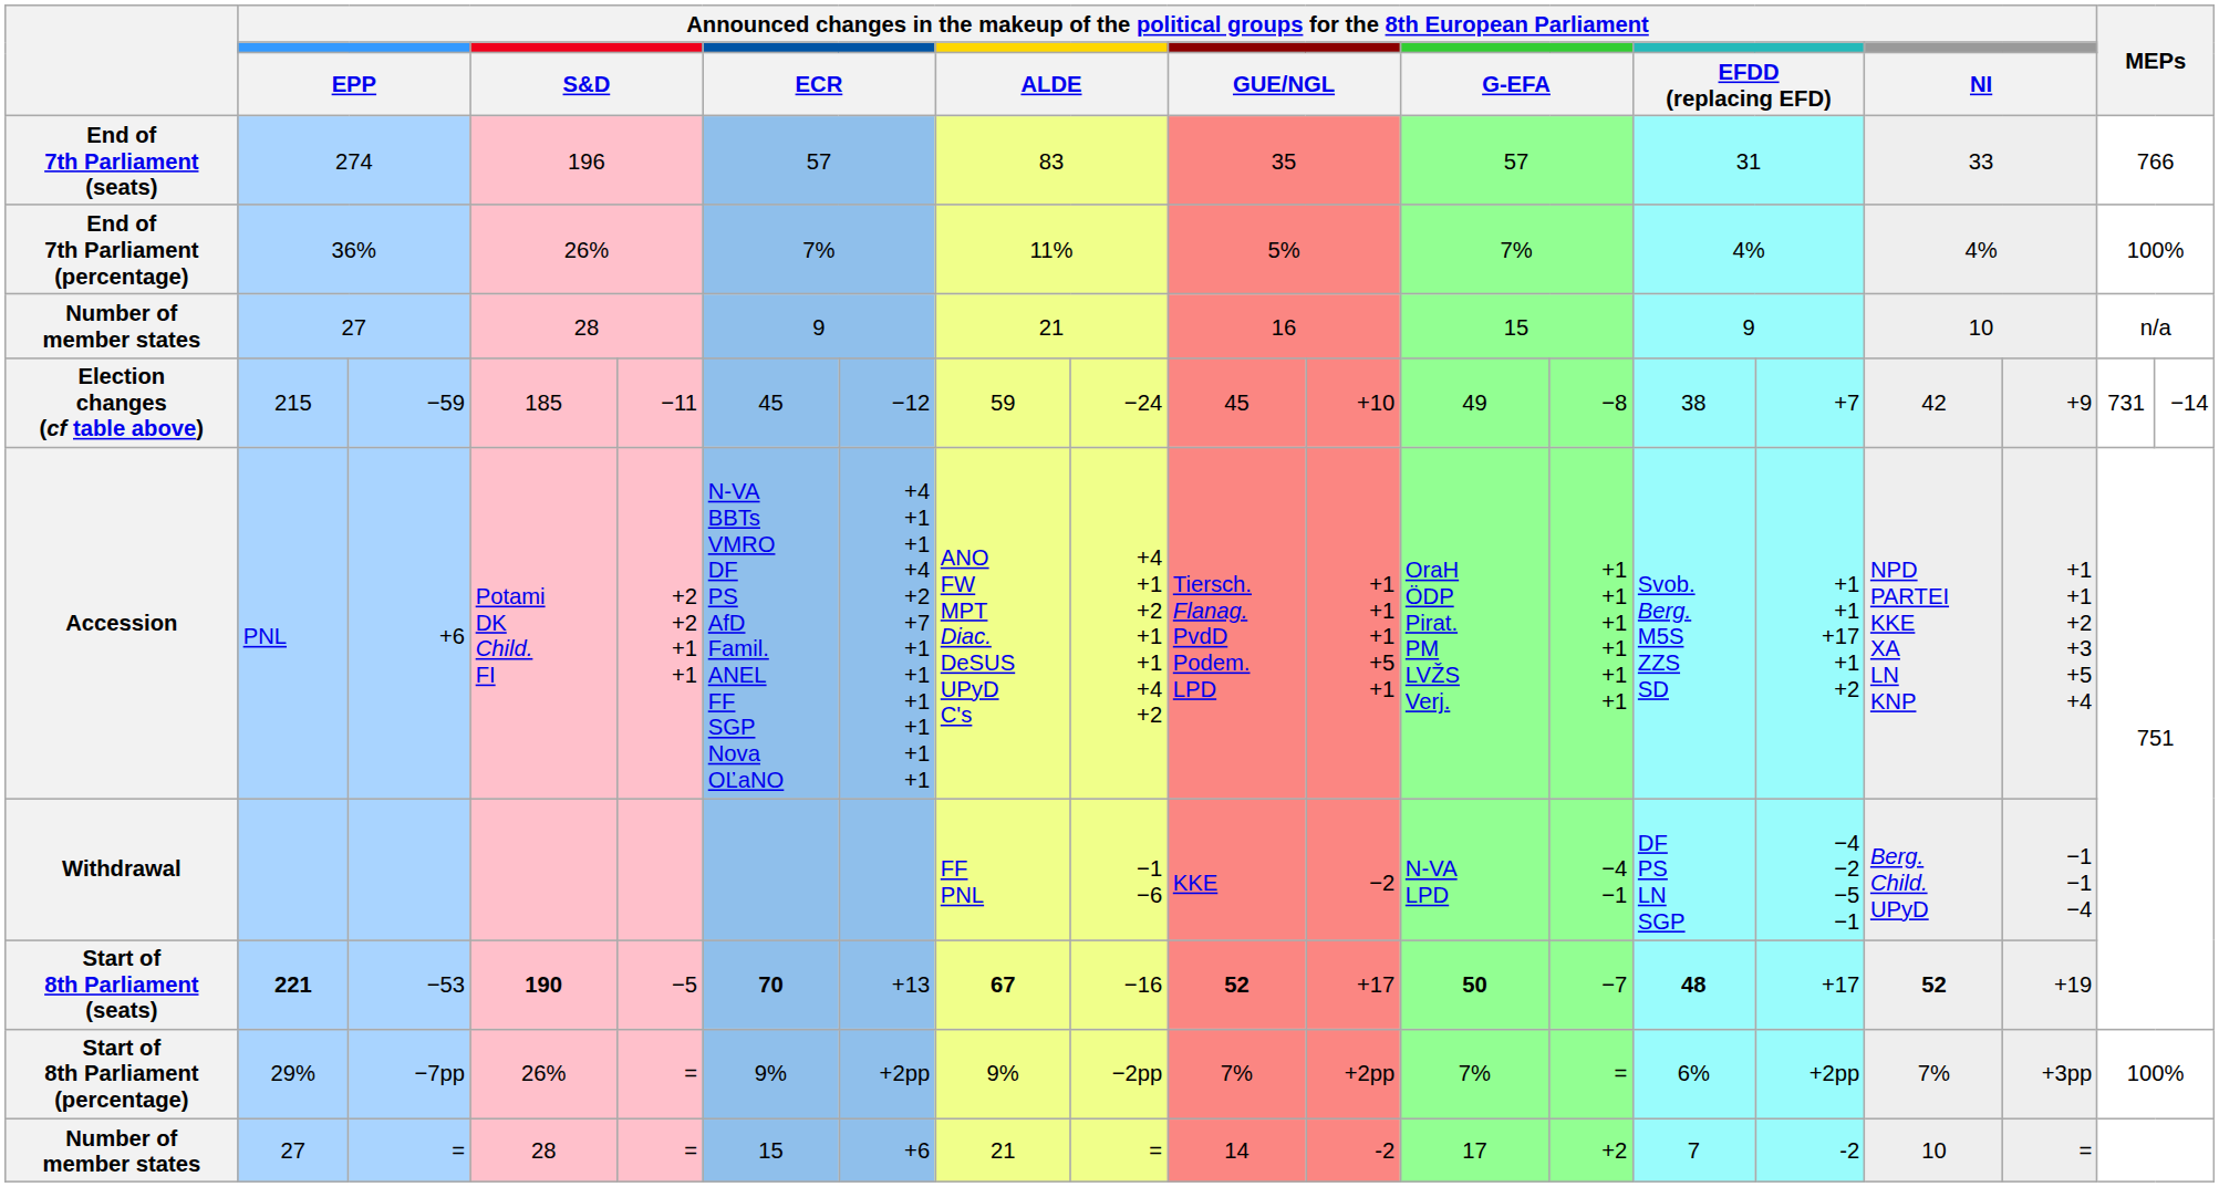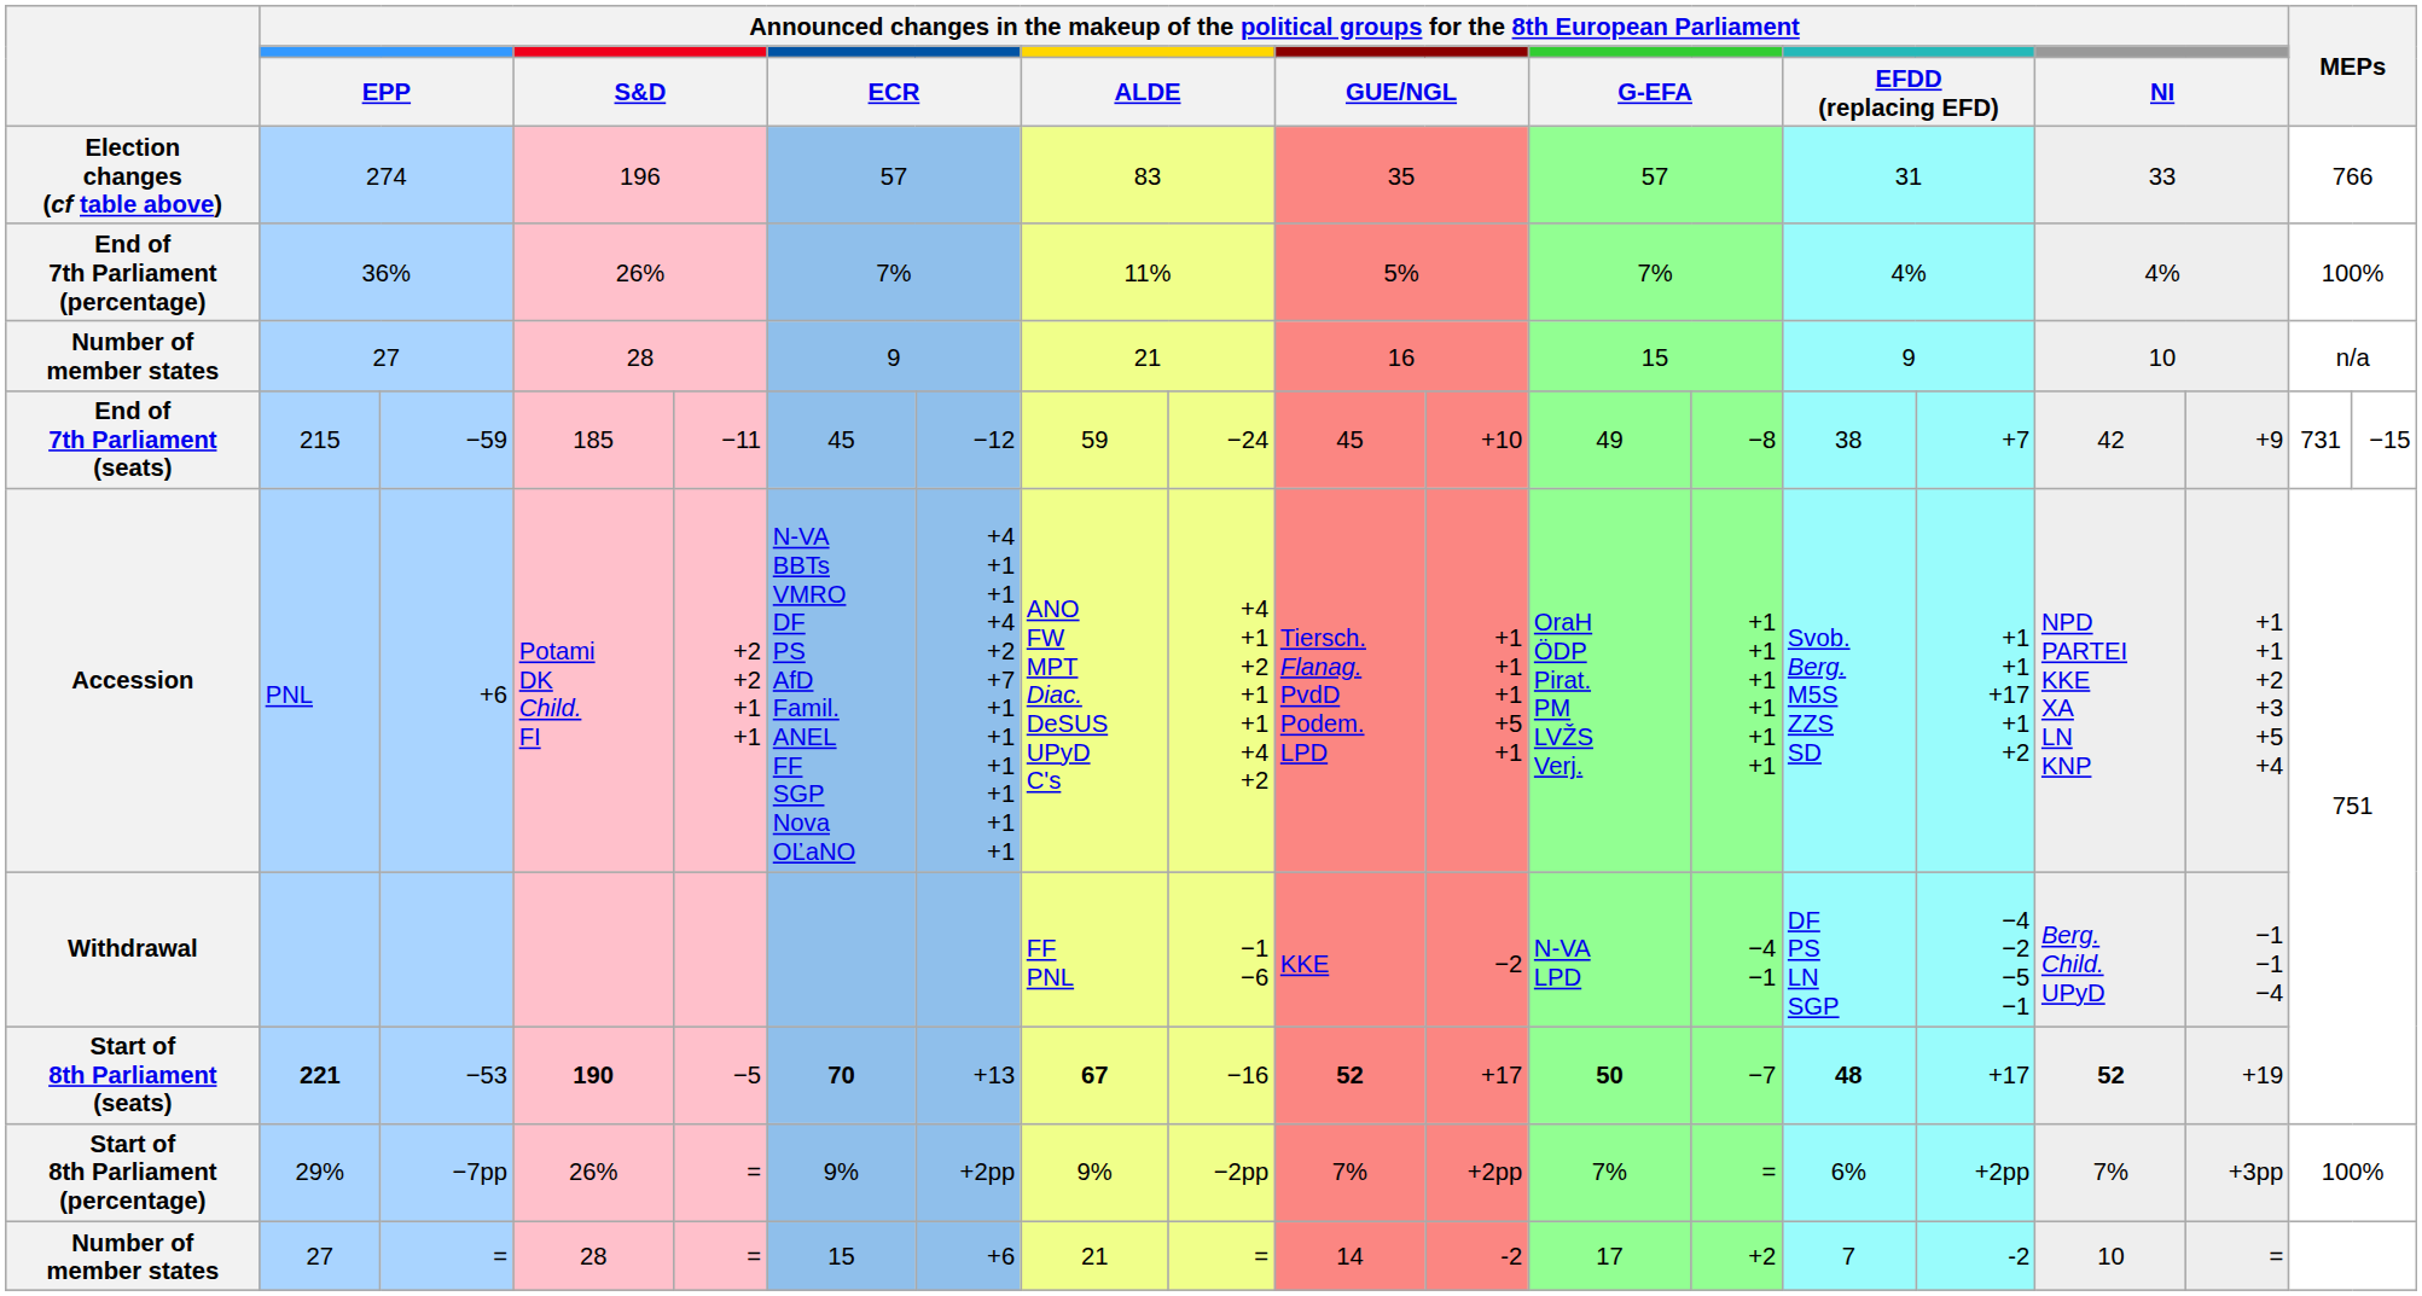 <table class="wikitable"  style="font-size:80%; text-align:left; width: 100%; margin-left: auto; margin-right: auto; white-space:nowrap">
 <tr>
 <th style="width: 10%" rowspan="3"></th>
 <th style="width: 85%" colspan=16>Announced changes in the makeup of the <a href='#'>political groups</a> for the <a href='#'>8th European Parliament</a></th>
 <th style="width: 5%" rowspan="3" colspan="2">MEPs</th>
 </tr>
 <tr>
 <th style="width:10%; background:#39f;" colspan="2"></th>
 <th style="width:10%; background:#F0001C;" colspan="2"></th>
 <th style="width:10%; background:#0054A5;" colspan="2"></th>
 <th style="width:10%; background:gold;" colspan="2"></th>
 <th style="width:10%; background:darkRed;" colspan="2"></th>
 <th style="width:10%; background:#32CD32;" colspan="2"></th>
 <th style="width:10%; background:#24B9B9;" colspan="2"></th>
 <th style="width:10%; background:#999;" colspan="2"></th>
 </tr>
 <tr>
 <th style="width: 10%" colspan=2><a href='#'>EPP</a></th>
 <th style="width: 10%" colspan=2><a href='#'>S&D</a></th>
 <th style="width: 10%" colspan=2><a href='#'>ECR</a></th>
 <th style="width: 10%" colspan=2><a href='#'>ALDE</a></th>
 <th style="width: 10%" colspan=2><a href='#'>GUE/NGL</a></th>
 <th style="width: 10%" colspan=2><a href='#'>G-EFA</a></th>
 <th style="width: 10%" colspan=2><a href='#'>EFDD</a><br>(replacing EFD)</th>
 <th style="width: 10%" colspan=2><a href='#'>NI</a></th>
 </tr>
 <tr>
-<th>End of <br><a href='#'>7th Parliament</a><br>(seats)</th>
+<th>Election<br>changes <br>(<em>cf</em> <a href='#'>table above</a>)</th>
 <td style="background:#a9d4ff; text-align:center;" colspan="2">274</td>
 <td style="background:pink; text-align:center;" colspan="2">196</td>
 <td style="background:#8FBFEB; text-align:center;" colspan="2">57</td>
 <td style="background:#f0ff8a; text-align:center;" colspan="2">83</td>
 <td style="background:#FB8682; text-align:center;" colspan="2">35</td>
 <td style="background:#92FF92; text-align:center;" colspan="2">57</td>
 <td style="background:#99FCFC; text-align:center;" colspan="2">31</td>
 <td style="background:#eee; text-align:center;" colspan="2">33</td>
 <td style="background:white; text-align:center;" colspan="2">766</td>
 </tr>
 <tr>
 <th>End of <br>7th Parliament<br>(percentage)</th>
 <td style="background:#a9d4ff; text-align:center;" colspan="2">36%</td>
 <td style="background:pink; text-align:center;" colspan="2">26%</td>
 <td style="background:#8FBFEB; text-align:center;" colspan="2">7%</td>
 <td style="background:#f0ff8a; text-align:center;" colspan="2">11%</td>
 <td style="background:#FB8682; text-align:center;" colspan="2">5%</td>
 <td style="background:#92FF92; text-align:center;" colspan="2">7%</td>
 <td style="background:#99FCFC; text-align:center;" colspan="2">4%</td>
 <td style="background:#eee; text-align:center;" colspan="2">4%</td>
 <td style="background:white; text-align:center;" colspan="2">100%</td>
 </tr>
 <tr>
 <th>Number of<br>member states</th>
 <td style="background:#a9d4ff; text-align:center;" colspan="2">27</td>
 <td style="background:pink; text-align:center;" colspan="2">28</td>
 <td style="background:#8FBFEB; text-align:center;" colspan="2">9</td>
 <td style="background:#f0ff8a; text-align:center;" colspan="2">21</td>
 <td style="background:#FB8682; text-align:center;" colspan="2">16</td>
 <td style="background:#92FF92; text-align:center;" colspan="2">15</td>
 <td style="background:#99FCFC; text-align:center;" colspan="2">9</td>
 <td style="background:#eee; text-align:center;" colspan="2">10</td>
 <td style="background:white; text-align:center;" colspan="2">n/a</td>
 </tr>
 <tr>
-<th>Election<br>changes <br>(<em>cf</em> <a href='#'>table above</a>)</th>
+<th>End of <br><a href='#'>7th Parliament</a><br>(seats)</th>
 <td style="background:#a9d4ff; text-align:center;">215</td>
 <td style="background:#a9d4ff; text-align:right;">−59</td>
 <td style="background:pink; text-align:center;">185</td>
 <td style="background:pink; text-align:right;">−11</td>
 <td style="background:#8FBFEB; text-align:center;">45</td>
 <td style="background:#8FBFEB; text-align:right;">−12</td>
 <td style="background:#f0ff8a; text-align:center;">59</td>
 <td style="background:#f0ff8a; text-align:right;">−24</td>
 <td style="background:#FB8682; text-align:center;">45</td>
 <td style="background:#FB8682; text-align:right;">+10</td>
 <td style="background:#92FF92; text-align:center;">49</td>
 <td style="background:#92FF92; text-align:right;">−8</td>
 <td style="background:#99FCFC; text-align:center;">38</td>
 <td style="background:#99FCFC; text-align:right;">+7</td>
 <td style="background:#eee; text-align:center;">42</td>
 <td style="background:#eee; text-align:right;">+9</td>
 <td style="background:white; text-align:center;">731</td>
-<td style="background:white; text-align:right;">−14</td>
+<td style="background:white; text-align:right;">−15</td>
 </tr>
 <tr>
 <th>Accession</th>
 <td style="background:#a9d4ff; text-align:left;"><br> <a href='#'>PNL</a></td>
 <td style="background:#a9d4ff; text-align:right;"><br>+6 </td>
 <td style="background:pink; text-align:left;"><br> <a href='#'>Potami</a><br>  <a href='#'>DK</a><br>  <a href='#'><em>Child.</em></a><br>  <a href='#'>FI</a></td>
 <td style="background:pink; text-align:right;"><br>+2 <br> +2 <br> +1 <br> +1 </td>
 <td style="background:#8FBFEB; text-align:left;"><br> <a href='#'>N-VA</a><br>  <a href='#'>BBTs</a><br>  <a href='#'>VMRO</a><br>  <a href='#'>DF</a><br>  <a href='#'>PS</a><br>  <a href='#'>AfD</a><br>  <a href='#'>Famil.</a><br>  <a href='#'>ANEL</a><br>  <a href='#'>FF</a><br>  <a href='#'>SGP</a><br>  <a href='#'>Nova</a><br>  <a href='#'>OĽaNO</a></td>
 <td style="background:#8FBFEB; text-align:right;"><br>+4 <br> +1 <br> +1 <br> +4 <br> +2 <br> +7 <br> +1 <br> +1 <br> +1 <br> +1 <br> +1 <br> +1 </td>
 <td style="background:#f0ff8a; text-align:left;"><br> <a href='#'>ANO</a><br>  <a href='#'>FW</a><br>  <a href='#'>MPT</a><br>  <em><a href='#'>Diac.</a></em><br>  <a href='#'>DeSUS</a><br>  <a href='#'>UPyD</a><br>  <a href='#'>C's</a></td>
 <td style="background:#f0ff8a; text-align:right;"><br>+4 <br> +1 <br> +2 <br> +1 <br> +1 <br> +4 <br> +2 </td>
 <td style="background:#FB8682; text-align:left;"><br> <a href='#'>Tiersch.</a><br>  <em><a href='#'>Flanag.</a></em><br>  <a href='#'>PvdD</a><br>  <a href='#'>Podem.</a><br>  <a href='#'>LPD</a></td>
 <td style="background:#FB8682; text-align:right;"><br>+1 <br> +1 <br> +1 <br> +5 <br> +1 </td>
 <td style="background:#92FF92; text-align:left;"><br> <a href='#'>OraH</a><br>  <a href='#'>ÖDP</a><br>  <a href='#'>Pirat.</a><br>  <a href='#'>PM</a><br>  <a href='#'>LVŽS</a><br>  <a href='#'>Verj.</a></td>
 <td style="background:#92FF92; text-align:right;"><br>+1 <br> +1 <br> +1 <br> +1 <br> +1 <br> +1 </td>
 <td style="background:#99FCFC; text-align:left;"><br> <a href='#'>Svob.</a><br>  <a href='#'><em>Berg.</em></a><br>  <a href='#'>M5S</a><br>  <a href='#'>ZZS</a><br>  <a href='#'>SD</a></td>
 <td style="background:#99FCFC; text-align:right;"><br>+1 <br> +1 <br> +17 <br> +1 <br> +2 </td>
 <td style="background:#eee; text-align:left;"><br> <a href='#'>NPD</a><br>  <a href='#'>PARTEI</a><br>  <a href='#'>KKE</a><br>  <a href='#'>XA</a><br>  <a href='#'>LN</a><br>  <a href='#'>KNP</a></td>
 <td style="background:#eee; text-align:right;"><br>+1<br> +1<br> +2<br> +3<br> +5<br> +4</td>
 <td style="background:white; text-align:center;" colspan="2" rowspan="3">751</td>
 </tr>
 <tr>
 <th>Withdrawal</th>
 <td style="background:#a9d4ff; text-align:left;"></td>
 <td style="background:#a9d4ff; text-align:left;"></td>
 <td style="background:pink; text-align:left;"></td>
 <td style="background:pink; text-align:right;"></td>
 <td style="background:#8FBFEB; text-align:left;"></td>
 <td style="background:#8FBFEB; text-align:right;"></td>
 <td style="background:#f0ff8a; text-align:left;"><br> <a href='#'>FF</a><br>  <a href='#'>PNL</a></td>
 <td style="background:#f0ff8a; text-align:right;"><br>−1 <br> −6 </td>
 <td style="background:#FB8682; text-align:left;"><br> <a href='#'>KKE</a></td>
 <td style="background:#FB8682; text-align:right;"><br>−2 </td>
 <td style="background:#92FF92; text-align:left;"><br> <a href='#'>N-VA</a><br>  <a href='#'>LPD</a></td>
 <td style="background:#92FF92; text-align:right;"><br>−4 <br> −1 </td>
 <td style="background:#99FCFC; text-align:left;"><br> <a href='#'>DF</a><br>  <a href='#'>PS</a><br>  <a href='#'>LN</a><br>  <a href='#'>SGP</a></td>
 <td style="background:#99FCFC; text-align:right;"><br>−4 <br> −2 <br> −5 <br> −1 </td>
 <td style="background:#eee; text-align:left;"><br> <a href='#'><em>Berg.</em></a><br>  <a href='#'><em>Child.</em></a><br>  <a href='#'>UPyD</a></td>
 <td style="background:#eee; text-align:right;"><br>−1 <br> −1 <br> −4 </td>
 </tr>
 <tr>
 <th>Start of<br><a href='#'>8th Parliament</a><br>(seats)</th>
 <td style="background:#a9d4ff; text-align:center;"><strong>221</strong></td>
 <td style="background:#a9d4ff; text-align:right;">−53</td>
 <td style="background:pink; text-align:center;"><strong>190</strong></td>
 <td style="background:pink; text-align:right;">−5</td>
 <td style="background:#8FBFEB; text-align:center;"><strong>70</strong></td>
 <td style="background:#8FBFEB; text-align:right;">+13</td>
 <td style="background:#f0ff8a; text-align:center;"><strong>67</strong></td>
 <td style="background:#f0ff8a; text-align:right;">−16</td>
 <td style="background:#FB8682; text-align:center;"><strong>52</strong></td>
 <td style="background:#FB8682; text-align:right;">+17</td>
 <td style="background:#92FF92; text-align:center;"><strong>50</strong></td>
 <td style="background:#92FF92; text-align:right;">−7</td>
 <td style="background:#99FCFC; text-align:center;"><strong>48</strong></td>
 <td style="background:#99FCFC; text-align:right;">+17</td>
 <td style="background:#eee; text-align:center;"><strong>52</strong></td>
 <td style="background:#eee; text-align:right;">+19</td>
 </tr>
 <tr>
 <th>Start of<br>8th Parliament<br>(percentage)</th>
 <td style="background:#a9d4ff; text-align:center;">29%</td>
 <td style="background:#a9d4ff; text-align:right;">−7pp</td>
 <td style="background:pink; text-align:center;">26%</td>
 <td style="background:pink; text-align:right;">=</td>
 <td style="background:#8FBFEB; text-align:center;">9%</td>
 <td style="background:#8FBFEB; text-align:right;">+2pp</td>
 <td style="background:#f0ff8a; text-align:center;">9%</td>
 <td style="background:#f0ff8a; text-align:right;">−2pp</td>
 <td style="background:#FB8682; text-align:center;">7%</td>
 <td style="background:#FB8682; text-align:right;">+2pp</td>
 <td style="background:#92FF92; text-align:center;">7%</td>
 <td style="background:#92FF92; text-align:right;">=</td>
 <td style="background:#99FCFC; text-align:center;">6%</td>
 <td style="background:#99FCFC; text-align:right;">+2pp</td>
 <td style="background:#eee; text-align:center;">7%</td>
 <td style="background:#eee; text-align:right;">+3pp</td>
 <td style="background:white; text-align:center;" colspan="2">100%</td>
 </tr>
 <tr>
 <th>Number of<br>member states</th>
 <td style="background:#a9d4ff; text-align:center;">27</td>
 <td style="background:#a9d4ff; text-align:right;">=</td>
 <td style="background:pink; text-align:center;">28</td>
 <td style="background:pink; text-align:right;">=</td>
 <td style="background:#8FBFEB; text-align:center;">15</td>
 <td style="background:#8FBFEB; text-align:right;">+6</td>
 <td style="background:#f0ff8a; text-align:center;">21</td>
 <td style="background:#f0ff8a; text-align:right;">=</td>
 <td style="background:#FB8682; text-align:center;">14</td>
 <td style="background:#FB8682; text-align:right;">-2</td>
 <td style="background:#92FF92; text-align:center;">17</td>
 <td style="background:#92FF92; text-align:right;">+2</td>
 <td style="background:#99FCFC; text-align:center;">7</td>
 <td style="background:#99FCFC; text-align:right;">-2</td>
 <td style="background:#eee; text-align:center;">10</td>
 <td style="background:#eee; text-align:right;">=</td>
 <td style="background:white; text-align:center;" colspan="2"></td>
 </tr>
 </table>
